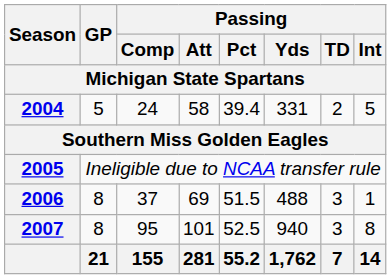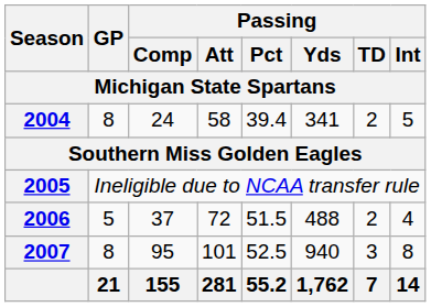 <table class="wikitable" style="text-align:center;">
 <tr>
 <th rowspan="2">Season</th>
 <th rowspan="2">GP</th>
 <th colspan="6">Passing</th>
 </tr>
 <tr>
 <th>Comp</th>
 <th>Att</th>
 <th>Pct</th>
 <th>Yds</th>
 <th>TD</th>
 <th>Int</th>
 </tr>
 <tr>
 <th colspan="16">Michigan State Spartans</th>
 </tr>
 <tr>
 <th><a href='#'>2004</a></th>
-<td>5</td>
+<td>8</td>
 <td>24</td>
 <td>58</td>
 <td>39.4</td>
-<td>331</td>
+<td>341</td>
 <td>2</td>
 <td>5</td>
 </tr>
 <tr>
 <th colspan="16">Southern Miss Golden Eagles</th>
 </tr>
 <tr>
 <th><a href='#'>2005</a></th>
 <td colspan="10"><em>Ineligible due to <a href='#'>NCAA</a> transfer rule</em></td>
 </tr>
 <tr>
 <th><a href='#'>2006</a></th>
-<td>8</td>
+<td>5</td>
 <td>37</td>
-<td>69</td>
+<td>72</td>
 <td>51.5</td>
 <td>488</td>
-<td>3</td>
-<td>1</td>
+<td>2</td>
+<td>4</td>
 </tr>
 <tr>
 <th><a href='#'>2007</a></th>
 <td>8</td>
 <td>95</td>
 <td>101</td>
 <td>52.5</td>
 <td>940</td>
 <td>3</td>
 <td>8</td>
 </tr>
 <tr>
 <th></th>
 <th>21</th>
 <th>155</th>
 <th>281</th>
 <th>55.2</th>
 <th>1,762</th>
 <th>7</th>
 <th>14</th>
 </tr>
 </table>
